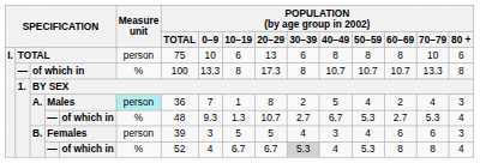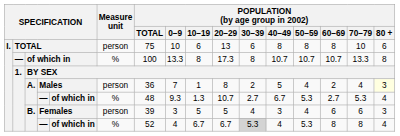 <table class="wikitable" style="font-size:85%; text-align:center">
 <tr>
 <th rowspan="2" colspan="5">SPECIFICATION</th>
 <th rowspan="2">Measure<br> unit</th>
 <th colspan="10" rowspan="1">POPULATION<br> (by age group in 2002)</th>
 </tr>
 <tr>
 <th>TOTAL</th>
 <th>0–9</th>
 <th>10–19</th>
 <th>20–29</th>
 <th>30–39</th>
 <th>40–49</th>
 <th>50–59</th>
 <th>60–69</th>
 <th>70–79</th>
 <th>80 +</th>
 </tr>
 <tr>
 <th style="text-align:left" valign="top" rowspan="7">I.</th>
 <th style="text-align:left" colspan="4">TOTAL</th>
 <td>person</td>
 <td>75</td>
 <td>10</td>
 <td>6</td>
 <td>13</td>
 <td>6</td>
 <td>8</td>
 <td>8</td>
 <td>8</td>
 <td>10</td>
 <td>6</td>
 </tr>
 <tr>
 <th style="text-align:left" valign="top">—</th>
 <th style="text-align:left" colspan="3">of which in</th>
 <td>%</td>
 <td>100</td>
 <td>13.3</td>
 <td>8</td>
 <td>17.3</td>
 <td>8</td>
 <td>10.7</td>
 <td>10.7</td>
 <td>10.7</td>
 <td>13.3</td>
 <td>8</td>
 </tr>
 <tr>
 <th style="text-align:left" valign="top" rowspan="5">1.</th>
 <th style="text-align:left" colspan="14">BY SEX</th>
 </tr>
 <tr>
 <th style="text-align:left" valign="top" rowspan="2">A.</th>
 <th style="text-align:left" colspan="2">Males</th>
-<td style="background: paleturquoise;">person</td>
+<td>person</td>
 <td>36</td>
 <td>7</td>
 <td>1</td>
 <td>8</td>
 <td>2</td>
 <td>5</td>
 <td>4</td>
 <td>2</td>
 <td>4</td>
-<td>3</td>
+<td style="background: lightyellow;">3</td>
 </tr>
 <tr>
 <th style="text-align:left" valign="top">—</th>
 <th style="text-align:left" colspan="1">of which in</th>
 <td>%</td>
 <td>48</td>
 <td>9.3</td>
 <td>1.3</td>
 <td>10.7</td>
 <td>2.7</td>
 <td>6.7</td>
 <td>5.3</td>
 <td>2.7</td>
 <td>5.3</td>
 <td>4</td>
 </tr>
 <tr>
 <th style="text-align:left" valign="top" rowspan="2">B.</th>
 <th style="text-align:left" colspan="2">Females</th>
 <td>person</td>
 <td>39</td>
 <td>3</td>
 <td>5</td>
 <td>5</td>
 <td>4</td>
 <td>3</td>
 <td>4</td>
 <td>6</td>
 <td>6</td>
 <td>3</td>
 </tr>
 <tr>
 <th style="text-align:left" valign="top">—</th>
 <th style="text-align:left" colspan="1">of which in</th>
 <td>%</td>
 <td>52</td>
 <td>4</td>
 <td>6.7</td>
 <td>6.7</td>
 <td style="background: lightgrey;">5.3</td>
 <td>4</td>
 <td>5.3</td>
 <td>8</td>
 <td>8</td>
 <td>4</td>
 </tr>
 </table>
